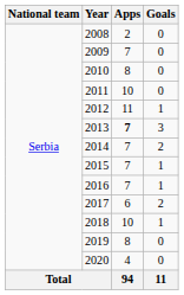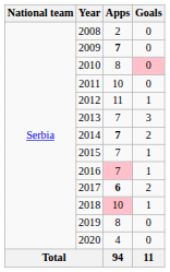 <table class="wikitable" style="text-align: center;">
 <tr>
 <th>National team</th>
 <th>Year</th>
 <th>Apps</th>
 <th>Goals</th>
 </tr>
 <tr>
 <td rowspan="13"><a href='#'>Serbia</a></td>
 <td>2008</td>
 <td>2</td>
 <td>0</td>
 </tr>
 <tr>
 <td>2009</td>
-<td>7</td>
+<td><strong>7</strong></td>
 <td>0</td>
 </tr>
 <tr>
 <td>2010</td>
 <td>8</td>
-<td>0</td>
+<td style="background: pink;">0</td>
 </tr>
 <tr>
 <td>2011</td>
 <td>10</td>
 <td>0</td>
 </tr>
 <tr>
 <td>2012</td>
 <td>11</td>
 <td>1</td>
 </tr>
 <tr>
 <td>2013</td>
-<td><strong>7</strong></td>
+<td>7</td>
 <td>3</td>
 </tr>
 <tr>
 <td>2014</td>
-<td>7</td>
+<td><strong>7</strong></td>
 <td>2</td>
 </tr>
 <tr>
 <td>2015</td>
 <td>7</td>
 <td>1</td>
 </tr>
 <tr>
 <td>2016</td>
-<td>7</td>
+<td style="background: pink;">7</td>
 <td>1</td>
 </tr>
 <tr>
 <td>2017</td>
-<td>6</td>
+<td><strong>6</strong></td>
 <td>2</td>
 </tr>
 <tr>
 <td>2018</td>
-<td>10</td>
+<td style="background: pink;">10</td>
 <td>1</td>
 </tr>
 <tr>
 <td>2019</td>
 <td>8</td>
 <td>0</td>
 </tr>
 <tr>
 <td>2020</td>
 <td>4</td>
 <td>0</td>
 </tr>
 <tr>
 <th colspan="2">Total</th>
 <th>94</th>
 <th>11</th>
 </tr>
 </table>
